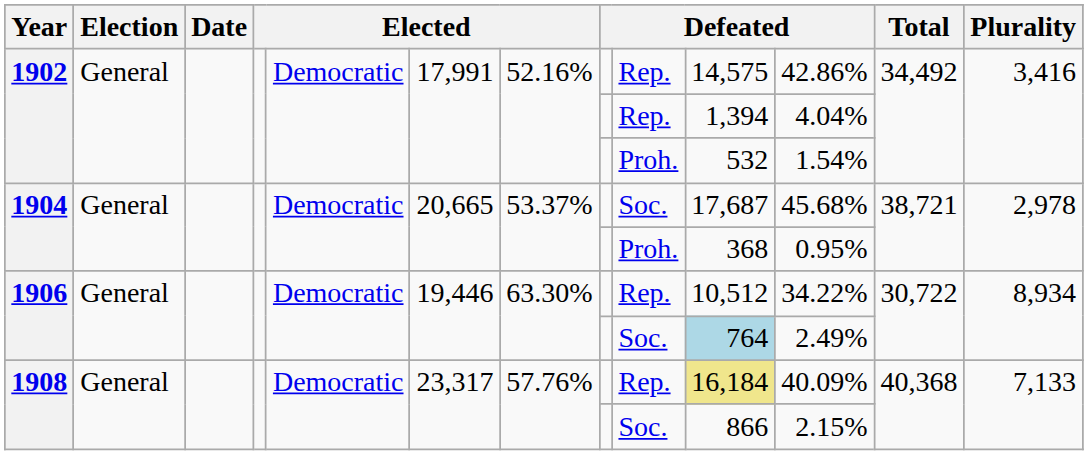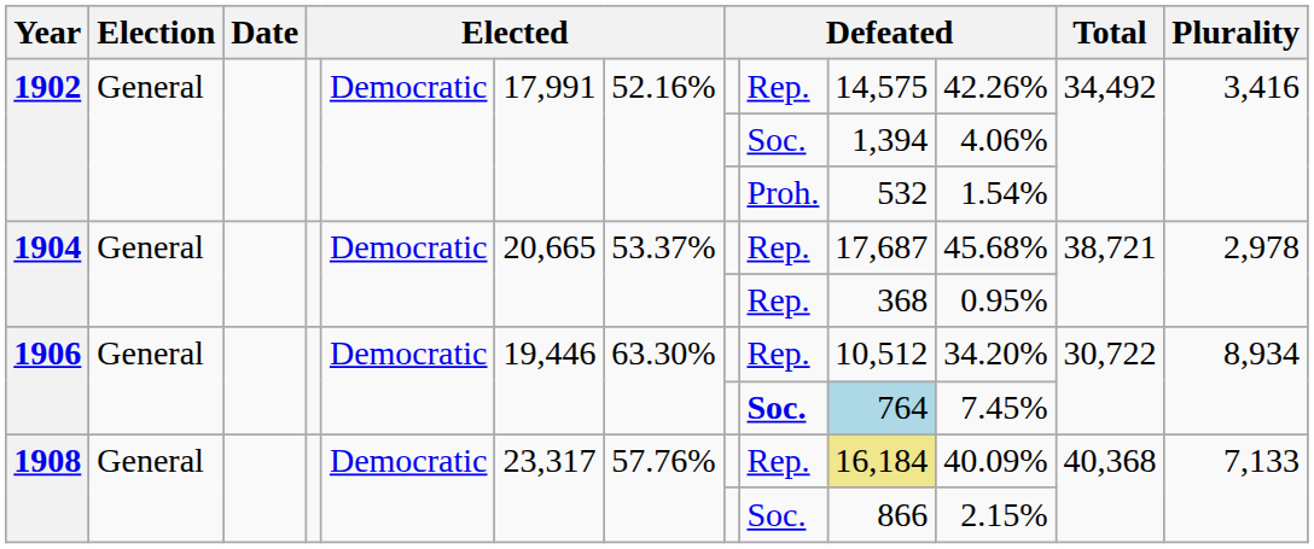 <table class=wikitable>
 <tr>
 <th>Year</th>
 <th>Election</th>
 <th>Date</th>
 <th ! colspan="4">Elected</th>
 <th ! colspan="4">Defeated</th>
 <th>Total</th>
 <th>Plurality</th>
 </tr>
 <tr>
 <th rowspan="3" valign="top"><a href='#'>1902</a></th>
 <td rowspan="3" valign="top">General</td>
 <td rowspan="3" valign="top"></td>
 <td rowspan="3" valign="top"></td>
 <td rowspan="3" valign="top" ><a href='#'>Democratic</a></td>
 <td rowspan="3" valign="top" align="right">17,991</td>
 <td rowspan="3" valign="top" align="right">52.16%</td>
 <td valign="top"></td>
 <td valign="top" ><a href='#'>Rep.</a></td>
 <td valign="top" align="right">14,575</td>
-<td valign="top" align="right">42.86%</td>
+<td valign="top" align="right">42.26%</td>
 <td rowspan="3" valign="top" align="right">34,492</td>
 <td rowspan="3" valign="top" align="right">3,416</td>
 </tr>
 <tr>
 <td valign="top"></td>
-<td valign="top" ><a href='#'>Rep.</a></td>
+<td valign="top" ><a href='#'>Soc.</a></td>
 <td valign="top" align="right">1,394</td>
-<td valign="top" align="right">4.04%</td>
+<td valign="top" align="right">4.06%</td>
 </tr>
 <tr>
 <td valign="top"></td>
 <td valign="top" ><a href='#'>Proh.</a></td>
 <td valign="top" align="right">532</td>
 <td valign="top" align="right">1.54%</td>
 </tr>
 <tr>
 <th rowspan="2" valign="top"><a href='#'>1904</a></th>
 <td rowspan="2" valign="top">General</td>
 <td rowspan="2" valign="top"></td>
 <td rowspan="2" valign="top"></td>
 <td rowspan="2" valign="top" ><a href='#'>Democratic</a></td>
 <td rowspan="2" valign="top" align="right">20,665</td>
 <td rowspan="2" valign="top" align="right">53.37%</td>
 <td valign="top"></td>
-<td valign="top" ><a href='#'>Soc.</a></td>
+<td valign="top" ><a href='#'>Rep.</a></td>
 <td valign="top" align="right">17,687</td>
 <td valign="top" align="right">45.68%</td>
 <td rowspan="2" valign="top" align="right">38,721</td>
 <td rowspan="2" valign="top" align="right">2,978</td>
 </tr>
 <tr>
 <td valign="top"></td>
-<td valign="top" ><a href='#'>Proh.</a></td>
+<td valign="top" ><a href='#'>Rep.</a></td>
 <td valign="top" align="right">368</td>
 <td valign="top" align="right">0.95%</td>
 </tr>
 <tr>
 <th rowspan="2" valign="top"><a href='#'>1906</a></th>
 <td rowspan="2" valign="top">General</td>
 <td rowspan="2" valign="top"></td>
 <td rowspan="2" valign="top"></td>
 <td rowspan="2" valign="top" ><a href='#'>Democratic</a></td>
 <td rowspan="2" valign="top" align="right">19,446</td>
 <td rowspan="2" valign="top" align="right">63.30%</td>
 <td valign="top"></td>
 <td valign="top" ><a href='#'>Rep.</a></td>
 <td valign="top" align="right">10,512</td>
-<td valign="top" align="right">34.22%</td>
+<td valign="top" align="right">34.20%</td>
 <td rowspan="2" valign="top" align="right">30,722</td>
 <td rowspan="2" valign="top" align="right">8,934</td>
 </tr>
 <tr>
 <td valign="top"></td>
-<td valign="top" ><a href='#'>Soc.</a></td>
+<td valign="top" ><strong><a href='#'>Soc.</a></strong></td>
 <td valign="top" align="right" style="background: lightblue;">764</td>
-<td valign="top" align="right">2.49%</td>
+<td valign="top" align="right">7.45%</td>
 </tr>
 <tr>
 <th rowspan="2" valign="top"><a href='#'>1908</a></th>
 <td rowspan="2" valign="top">General</td>
 <td rowspan="2" valign="top"></td>
 <td rowspan="2" valign="top"></td>
 <td rowspan="2" valign="top" ><a href='#'>Democratic</a></td>
 <td rowspan="2" valign="top" align="right">23,317</td>
 <td rowspan="2" valign="top" align="right">57.76%</td>
 <td valign="top"></td>
 <td valign="top" ><a href='#'>Rep.</a></td>
 <td valign="top" align="right" style="background: khaki;">16,184</td>
 <td valign="top" align="right">40.09%</td>
 <td rowspan="2" valign="top" align="right">40,368</td>
 <td rowspan="2" valign="top" align="right">7,133</td>
 </tr>
 <tr>
 <td valign="top"></td>
 <td valign="top" ><a href='#'>Soc.</a></td>
 <td valign="top" align="right">866</td>
 <td valign="top" align="right">2.15%</td>
 </tr>
 </table>
